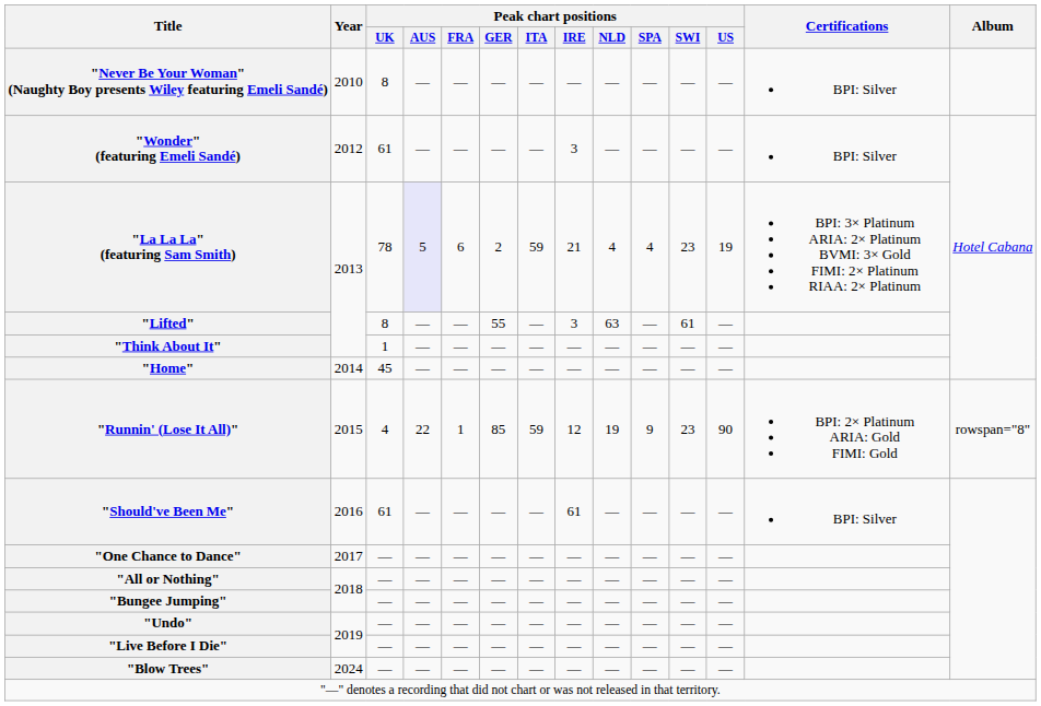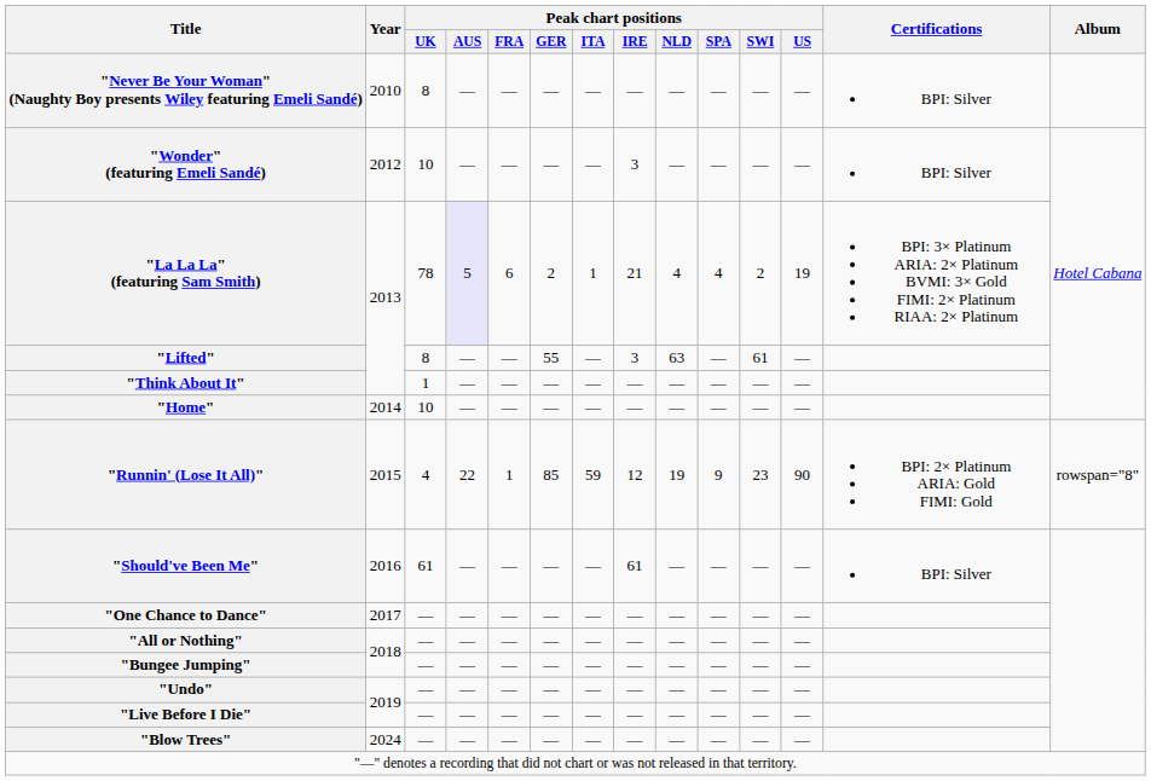 <table class="wikitable plainrowheaders" style="text-align:center;">
 <tr>
 <th scope="col" rowspan="2">Title</th>
 <th scope="col" rowspan="2">Year</th>
 <th colspan="10" scope="col">Peak chart positions</th>
 <th scope="col" rowspan="2" style="width:14em;"><a href='#'>Certifications</a></th>
 <th scope="col" rowspan="2">Album</th>
 </tr>
 <tr>
 <th scope="col" style="width:2.5em;font-size:90%;"><a href='#'>UK</a><br></th>
 <th scope="col" style="width:2.5em;font-size:90%;"><a href='#'>AUS</a><br></th>
 <th scope="col" style="width:2.5em;font-size:90%;"><a href='#'>FRA</a><br></th>
 <th scope="col" style="width:2.5em;font-size:90%;"><a href='#'>GER</a><br></th>
 <th scope="col" style="width:2.5em;font-size:90%;"><a href='#'>ITA</a><br></th>
 <th scope="col" style="width:2.5em;font-size:90%;"><a href='#'>IRE</a><br></th>
 <th scope="col" style="width:2.5em;font-size:90%;"><a href='#'>NLD</a><br></th>
 <th scope="col" style="width:2.5em;font-size:90%;"><a href='#'>SPA</a><br></th>
 <th scope="col" style="width:2.5em;font-size:90%;"><a href='#'>SWI</a><br></th>
 <th scope="col" style="width:2.5em;font-size:90%;"><a href='#'>US</a><br></th>
 </tr>
 <tr>
 <th scope="row">"<a href='#'>Never Be Your Woman</a>"<br><span>(Naughty Boy presents <a href='#'>Wiley</a> featuring <a href='#'>Emeli Sandé</a>)</span></th>
 <td>2010</td>
 <td>8</td>
 <td>—</td>
 <td>—</td>
 <td>—</td>
 <td>—</td>
 <td>—</td>
 <td>—</td>
 <td>—</td>
 <td>—</td>
 <td>—</td>
 <td><br><ul><li>BPI: Silver</li></ul></td>
 <td></td>
 </tr>
 <tr>
 <th scope="row">"<a href='#'>Wonder</a>"<br><span>(featuring <a href='#'>Emeli Sandé</a>)</span></th>
 <td>2012</td>
-<td>61</td>
+<td>10</td>
 <td>—</td>
 <td>—</td>
 <td>—</td>
 <td>—</td>
 <td>3</td>
 <td>—</td>
 <td>—</td>
 <td>—</td>
 <td>—</td>
 <td><br><ul><li>BPI: Silver</li></ul></td>
 <td rowspan="5"><em><a href='#'>Hotel Cabana</a></em></td>
 </tr>
 <tr>
 <th scope="row">"<a href='#'>La La La</a>"<br><span> (featuring <a href='#'>Sam Smith</a>)</span></th>
 <td rowspan="3">2013</td>
 <td>78</td>
 <td style="background: lavender;">5</td>
 <td>6</td>
 <td>2</td>
-<td>59</td>
+<td>1</td>
 <td>21</td>
 <td>4</td>
 <td>4</td>
-<td>23</td>
+<td>2</td>
 <td>19</td>
 <td><br><ul><li>BPI: 3× Platinum</li><li>ARIA: 2× Platinum</li><li>BVMI: 3× Gold</li><li>FIMI: 2× Platinum</li><li>RIAA: 2× Platinum</li></ul></td>
 </tr>
 <tr>
 <th scope="row">"<a href='#'>Lifted</a>"<br></th>
 <td>8</td>
 <td>—</td>
 <td>—</td>
 <td>55</td>
 <td>—</td>
 <td>3</td>
 <td>63</td>
 <td>—</td>
 <td>61</td>
 <td>—</td>
 <td></td>
 </tr>
 <tr>
 <th scope="row">"<a href='#'>Think About It</a>"<br></th>
 <td>1</td>
 <td>—</td>
 <td>—</td>
 <td>—</td>
 <td>—</td>
 <td>—</td>
 <td>—</td>
 <td>—</td>
 <td>—</td>
 <td>—</td>
 <td></td>
 </tr>
 <tr>
 <th scope="row">"<a href='#'>Home</a>"<br></th>
 <td>2014</td>
-<td>45</td>
+<td>10</td>
 <td>—</td>
 <td>—</td>
 <td>—</td>
 <td>—</td>
 <td>—</td>
 <td>—</td>
 <td>—</td>
 <td>—</td>
 <td>—</td>
 <td></td>
 </tr>
 <tr>
 <th scope="row">"<a href='#'>Runnin' (Lose It All)</a>"<br></th>
 <td>2015</td>
 <td>4</td>
 <td>22</td>
 <td>1</td>
 <td>85</td>
 <td>59</td>
 <td>12</td>
 <td>19</td>
 <td>9</td>
 <td>23</td>
 <td>90</td>
 <td><br><ul><li>BPI: 2× Platinum</li><li>ARIA: Gold</li><li>FIMI: Gold</li></ul></td>
 <td>rowspan="8" </td>
 </tr>
 <tr>
 <th scope="row">"<a href='#'>Should've Been Me</a>"<br></th>
 <td>2016</td>
 <td>61</td>
 <td>—</td>
 <td>—</td>
 <td>—</td>
 <td>—</td>
 <td>61</td>
 <td>—</td>
 <td>—</td>
 <td>—</td>
 <td>—</td>
 <td><br><ul><li>BPI: Silver</li></ul></td>
 </tr>
 <tr>
 <th scope="row">"One Chance to Dance"<br></th>
 <td>2017</td>
 <td>—</td>
 <td>—</td>
 <td>—</td>
 <td>—</td>
 <td>—</td>
 <td>—</td>
 <td>—</td>
 <td>—</td>
 <td>—</td>
 <td>—</td>
 <td></td>
 </tr>
 <tr>
 <th scope="row">"All or Nothing"<br></th>
 <td rowspan="2">2018</td>
 <td>—</td>
 <td>—</td>
 <td>—</td>
 <td>—</td>
 <td>—</td>
 <td>—</td>
 <td>—</td>
 <td>—</td>
 <td>—</td>
 <td>—</td>
 <td></td>
 </tr>
 <tr>
 <th scope="row">"Bungee Jumping"<br></th>
 <td>—</td>
 <td>—</td>
 <td>—</td>
 <td>—</td>
 <td>—</td>
 <td>—</td>
 <td>—</td>
 <td>—</td>
 <td>—</td>
 <td>—</td>
 <td></td>
 </tr>
 <tr>
 <th scope="row">"Undo"<br></th>
 <td rowspan="2">2019</td>
 <td>—</td>
 <td>—</td>
 <td>—</td>
 <td>—</td>
 <td>—</td>
 <td>—</td>
 <td>—</td>
 <td>—</td>
 <td>—</td>
 <td>—</td>
 <td></td>
 </tr>
 <tr>
 <th scope="row">"Live Before I Die"<br></th>
 <td>—</td>
 <td>—</td>
 <td>—</td>
 <td>—</td>
 <td>—</td>
 <td>—</td>
 <td>—</td>
 <td>—</td>
 <td>—</td>
 <td>—</td>
 <td></td>
 </tr>
 <tr>
 <th scope="row">"Blow Trees"<br></th>
 <td>2024</td>
 <td>—</td>
 <td>—</td>
 <td>—</td>
 <td>—</td>
 <td>—</td>
 <td>—</td>
 <td>—</td>
 <td>—</td>
 <td>—</td>
 <td>—</td>
 <td></td>
 </tr>
 <tr>
 <td colspan="18" style="font-size:90%;">"—" denotes a recording that did not chart or was not released in that territory.</td>
 </tr>
 </table>
